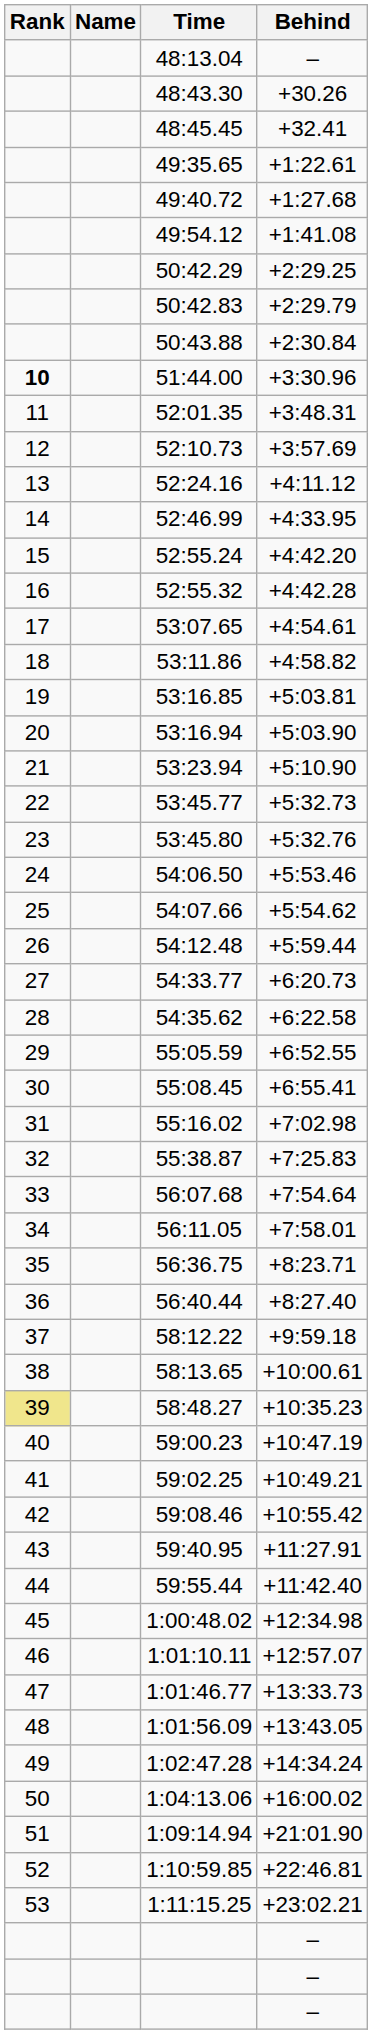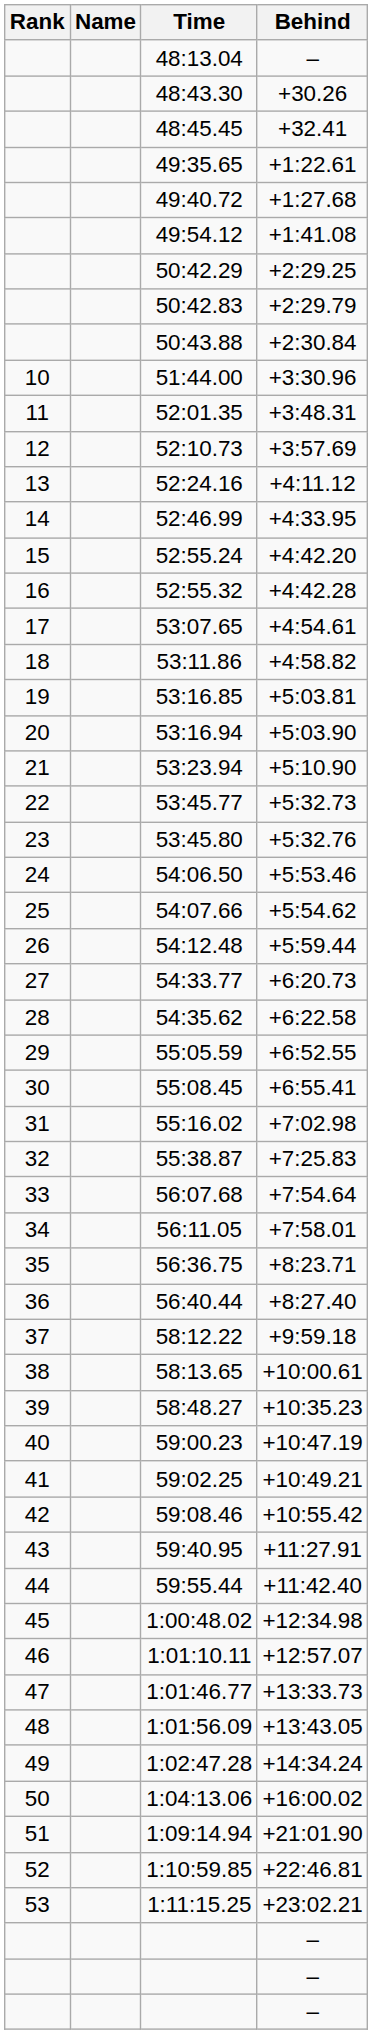 <table class="wikitable" style="text-align:center">
 <tr>
 <th>Rank</th>
 <th>Name</th>
 <th>Time</th>
 <th>Behind</th>
 </tr>
 <tr>
 <td></td>
 <td align=left></td>
 <td>48:13.04</td>
 <td>–</td>
 </tr>
 <tr>
 <td></td>
 <td align=left></td>
 <td>48:43.30</td>
 <td>+30.26</td>
 </tr>
 <tr>
 <td></td>
 <td align=left></td>
 <td>48:45.45</td>
 <td>+32.41</td>
 </tr>
 <tr>
 <td></td>
 <td align=left></td>
 <td>49:35.65</td>
 <td>+1:22.61</td>
 </tr>
 <tr>
 <td></td>
 <td align=left></td>
 <td>49:40.72</td>
 <td>+1:27.68</td>
 </tr>
 <tr>
 <td></td>
 <td align=left></td>
 <td>49:54.12</td>
 <td>+1:41.08</td>
 </tr>
 <tr>
 <td></td>
 <td align=left></td>
 <td>50:42.29</td>
 <td>+2:29.25</td>
 </tr>
 <tr>
 <td></td>
 <td align=left></td>
 <td>50:42.83</td>
 <td>+2:29.79</td>
 </tr>
 <tr>
 <td></td>
 <td align=left></td>
 <td>50:43.88</td>
 <td>+2:30.84</td>
 </tr>
 <tr>
-<td><strong>10</strong></td>
+<td>10</td>
 <td align=left></td>
 <td>51:44.00</td>
 <td>+3:30.96</td>
 </tr>
 <tr>
 <td>11</td>
 <td align=left></td>
 <td>52:01.35</td>
 <td>+3:48.31</td>
 </tr>
 <tr>
 <td>12</td>
 <td align=left></td>
 <td>52:10.73</td>
 <td>+3:57.69</td>
 </tr>
 <tr>
 <td>13</td>
 <td align=left></td>
 <td>52:24.16</td>
 <td>+4:11.12</td>
 </tr>
 <tr>
 <td>14</td>
 <td align=left></td>
 <td>52:46.99</td>
 <td>+4:33.95</td>
 </tr>
 <tr>
 <td>15</td>
 <td align=left></td>
 <td>52:55.24</td>
 <td>+4:42.20</td>
 </tr>
 <tr>
 <td>16</td>
 <td align=left></td>
 <td>52:55.32</td>
 <td>+4:42.28</td>
 </tr>
 <tr>
 <td>17</td>
 <td align=left></td>
 <td>53:07.65</td>
 <td>+4:54.61</td>
 </tr>
 <tr>
 <td>18</td>
 <td align=left></td>
 <td>53:11.86</td>
 <td>+4:58.82</td>
 </tr>
 <tr>
 <td>19</td>
 <td align=left></td>
 <td>53:16.85</td>
 <td>+5:03.81</td>
 </tr>
 <tr>
 <td>20</td>
 <td align=left></td>
 <td>53:16.94</td>
 <td>+5:03.90</td>
 </tr>
 <tr>
 <td>21</td>
 <td align=left></td>
 <td>53:23.94</td>
 <td>+5:10.90</td>
 </tr>
 <tr>
 <td>22</td>
 <td align=left></td>
 <td>53:45.77</td>
 <td>+5:32.73</td>
 </tr>
 <tr>
 <td>23</td>
 <td align=left></td>
 <td>53:45.80</td>
 <td>+5:32.76</td>
 </tr>
 <tr>
 <td>24</td>
 <td align=left></td>
 <td>54:06.50</td>
 <td>+5:53.46</td>
 </tr>
 <tr>
 <td>25</td>
 <td align=left></td>
 <td>54:07.66</td>
 <td>+5:54.62</td>
 </tr>
 <tr>
 <td>26</td>
 <td align=left></td>
 <td>54:12.48</td>
 <td>+5:59.44</td>
 </tr>
 <tr>
 <td>27</td>
 <td align=left></td>
 <td>54:33.77</td>
 <td>+6:20.73</td>
 </tr>
 <tr>
 <td>28</td>
 <td align=left></td>
 <td>54:35.62</td>
 <td>+6:22.58</td>
 </tr>
 <tr>
 <td>29</td>
 <td align=left></td>
 <td>55:05.59</td>
 <td>+6:52.55</td>
 </tr>
 <tr>
 <td>30</td>
 <td align=left></td>
 <td>55:08.45</td>
 <td>+6:55.41</td>
 </tr>
 <tr>
 <td>31</td>
 <td align=left></td>
 <td>55:16.02</td>
 <td>+7:02.98</td>
 </tr>
 <tr>
 <td>32</td>
 <td align=left></td>
 <td>55:38.87</td>
 <td>+7:25.83</td>
 </tr>
 <tr>
 <td>33</td>
 <td align=left></td>
 <td>56:07.68</td>
 <td>+7:54.64</td>
 </tr>
 <tr>
 <td>34</td>
 <td align=left></td>
 <td>56:11.05</td>
 <td>+7:58.01</td>
 </tr>
 <tr>
 <td>35</td>
 <td align=left></td>
 <td>56:36.75</td>
 <td>+8:23.71</td>
 </tr>
 <tr>
 <td>36</td>
 <td align=left></td>
 <td>56:40.44</td>
 <td>+8:27.40</td>
 </tr>
 <tr>
 <td>37</td>
 <td align=left></td>
 <td>58:12.22</td>
 <td>+9:59.18</td>
 </tr>
 <tr>
 <td>38</td>
 <td align=left></td>
 <td>58:13.65</td>
 <td>+10:00.61</td>
 </tr>
 <tr>
-<td style="background: khaki;">39</td>
+<td>39</td>
 <td align=left></td>
 <td>58:48.27</td>
 <td>+10:35.23</td>
 </tr>
 <tr>
 <td>40</td>
 <td align=left></td>
 <td>59:00.23</td>
 <td>+10:47.19</td>
 </tr>
 <tr>
 <td>41</td>
 <td align=left></td>
 <td>59:02.25</td>
 <td>+10:49.21</td>
 </tr>
 <tr>
 <td>42</td>
 <td align=left></td>
 <td>59:08.46</td>
 <td>+10:55.42</td>
 </tr>
 <tr>
 <td>43</td>
 <td align=left></td>
 <td>59:40.95</td>
 <td>+11:27.91</td>
 </tr>
 <tr>
 <td>44</td>
 <td align=left></td>
 <td>59:55.44</td>
 <td>+11:42.40</td>
 </tr>
 <tr>
 <td>45</td>
 <td align=left></td>
 <td>1:00:48.02</td>
 <td>+12:34.98</td>
 </tr>
 <tr>
 <td>46</td>
 <td align=left></td>
 <td>1:01:10.11</td>
 <td>+12:57.07</td>
 </tr>
 <tr>
 <td>47</td>
 <td align=left></td>
 <td>1:01:46.77</td>
 <td>+13:33.73</td>
 </tr>
 <tr>
 <td>48</td>
 <td align=left></td>
 <td>1:01:56.09</td>
 <td>+13:43.05</td>
 </tr>
 <tr>
 <td>49</td>
 <td align=left></td>
 <td>1:02:47.28</td>
 <td>+14:34.24</td>
 </tr>
 <tr>
 <td>50</td>
 <td align=left></td>
 <td>1:04:13.06</td>
 <td>+16:00.02</td>
 </tr>
 <tr>
 <td>51</td>
 <td align=left></td>
 <td>1:09:14.94</td>
 <td>+21:01.90</td>
 </tr>
 <tr>
 <td>52</td>
 <td align=left></td>
 <td>1:10:59.85</td>
 <td>+22:46.81</td>
 </tr>
 <tr>
 <td>53</td>
 <td align=left></td>
 <td>1:11:15.25</td>
 <td>+23:02.21</td>
 </tr>
 <tr>
 <td></td>
 <td align=left></td>
 <td></td>
 <td>–</td>
 </tr>
 <tr>
 <td></td>
 <td align=left></td>
 <td></td>
 <td>–</td>
 </tr>
 <tr>
 <td></td>
 <td align=left></td>
 <td></td>
 <td>–</td>
 </tr>
 </table>
